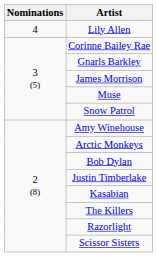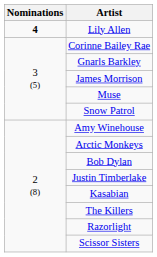 <table class="wikitable" rowspan="2" style="text-align:center;">
 <tr>
 <th scope="col" style="width:55px;">Nominations</th>
 <th scope="col" style="text-align:center;">Artist</th>
 </tr>
 <tr>
-<td>4</td>
+<td><strong>4</strong></td>
 <td><a href='#'>Lily Allen</a></td>
 </tr>
 <tr>
 <td rowspan="5">3<br><small>(5)</small></td>
 <td><a href='#'>Corinne Bailey Rae</a></td>
 </tr>
 <tr>
 <td><a href='#'>Gnarls Barkley</a></td>
 </tr>
 <tr>
 <td><a href='#'>James Morrison</a></td>
 </tr>
 <tr>
 <td><a href='#'>Muse</a></td>
 </tr>
 <tr>
 <td><a href='#'>Snow Patrol</a></td>
 </tr>
 <tr>
 <td rowspan="8">2<br><small>(8)</small></td>
 <td><a href='#'>Amy Winehouse</a></td>
 </tr>
 <tr>
 <td><a href='#'>Arctic Monkeys</a></td>
 </tr>
 <tr>
 <td><a href='#'>Bob Dylan</a></td>
 </tr>
 <tr>
 <td><a href='#'>Justin Timberlake</a></td>
 </tr>
 <tr>
 <td><a href='#'>Kasabian</a></td>
 </tr>
 <tr>
 <td><a href='#'>The Killers</a></td>
 </tr>
 <tr>
 <td><a href='#'>Razorlight</a></td>
 </tr>
 <tr>
 <td><a href='#'>Scissor Sisters</a></td>
 </tr>
 </table>
